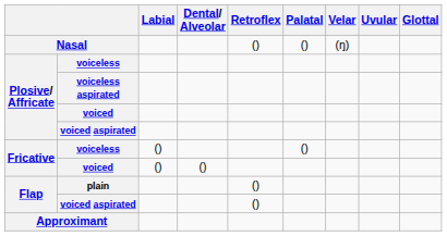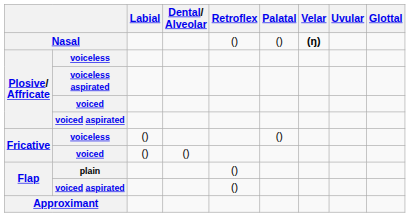 <table class="wikitable" style="text-align: center;">
 <tr>
 <th colspan="2"></th>
 <th><a href='#'>Labial</a></th>
 <th><a href='#'>Dental</a>/<br><a href='#'>Alveolar</a></th>
 <th><a href='#'>Retroflex</a></th>
 <th><a href='#'>Palatal</a></th>
 <th><a href='#'>Velar</a></th>
 <th><a href='#'>Uvular</a></th>
 <th><a href='#'>Glottal</a></th>
 </tr>
 <tr>
 <th colspan="2"><a href='#'>Nasal</a></th>
 <td></td>
 <td></td>
 <td>()</td>
 <td>()</td>
-<td>(ŋ)</td>
+<td><strong>(ŋ)</strong></td>
 <td></td>
 <td></td>
 </tr>
 <tr>
 <th rowspan="4"><a href='#'>Plosive</a>/<br><a href='#'>Affricate</a></th>
 <th><small><a href='#'>voiceless</a></small></th>
 <td></td>
 <td></td>
 <td></td>
 <td></td>
 <td></td>
 <td></td>
 <td></td>
 </tr>
 <tr>
 <th><small><a href='#'>voiceless</a> <a href='#'>aspirated</a></small></th>
 <td></td>
 <td></td>
 <td></td>
 <td></td>
 <td></td>
 <td></td>
 <td></td>
 </tr>
 <tr>
 <th><small><a href='#'>voiced</a></small></th>
 <td></td>
 <td></td>
 <td></td>
 <td></td>
 <td></td>
 <td></td>
 <td></td>
 </tr>
 <tr>
 <th><small><a href='#'>voiced</a> <a href='#'>aspirated</a></small></th>
 <td></td>
 <td></td>
 <td></td>
 <td></td>
 <td></td>
 <td></td>
 <td></td>
 </tr>
 <tr>
 <th rowspan="2"><a href='#'>Fricative</a></th>
 <th><small><a href='#'>voiceless</a></small></th>
 <td>()</td>
 <td></td>
 <td></td>
 <td>()</td>
 <td></td>
 <td></td>
 <td></td>
 </tr>
 <tr>
 <th><small><a href='#'>voiced</a></small></th>
 <td>()</td>
 <td>()</td>
 <td></td>
 <td></td>
 <td></td>
 <td></td>
 <td></td>
 </tr>
 <tr>
 <th rowspan="2"><a href='#'>Flap</a></th>
 <th><small>plain</small></th>
 <td></td>
 <td></td>
 <td>()</td>
 <td></td>
 <td></td>
 <td></td>
 <td></td>
 </tr>
 <tr>
 <th><small><a href='#'>voiced</a> <a href='#'>aspirated</a></small></th>
 <td></td>
 <td></td>
 <td>()</td>
 <td></td>
 <td></td>
 <td></td>
 <td></td>
 </tr>
 <tr>
 <th colspan="2"><a href='#'>Approximant</a></th>
 <td></td>
 <td></td>
 <td></td>
 <td></td>
 <td></td>
 <td></td>
 <td></td>
 </tr>
 </table>
